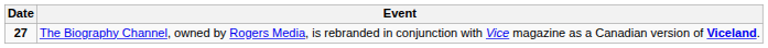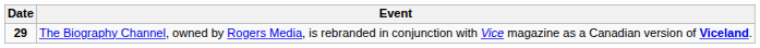 <table class="wikitable">
 <tr>
 <th>Date</th>
 <th>Event</th>
 </tr>
 <tr>
-<td style="text-align:center;"><strong>27</strong></td>
+<td style="text-align:center;"><strong>29</strong></td>
 <td><a href='#'>The Biography Channel</a>, owned by <a href='#'>Rogers Media</a>, is rebranded in conjunction with <em><a href='#'>Vice</a></em> magazine as a Canadian version of <strong><a href='#'>Viceland</a></strong>.</td>
 </tr>
 </table>
